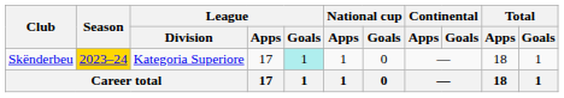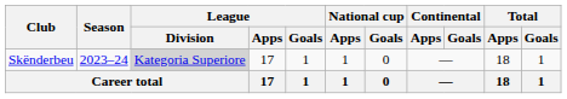 <table class="wikitable" style="text-align: center;">
 <tr>
 <th rowspan="2">Club</th>
 <th rowspan="2">Season</th>
 <th colspan="3">League</th>
 <th colspan="2">National cup</th>
 <th colspan="2">Continental</th>
 <th colspan="2">Total</th>
 </tr>
 <tr>
 <th>Division</th>
 <th>Apps</th>
 <th>Goals</th>
 <th>Apps</th>
 <th>Goals</th>
 <th>Apps</th>
 <th>Goals</th>
 <th>Apps</th>
 <th>Goals</th>
 </tr>
 <tr>
 <td><a href='#'>Skënderbeu</a></td>
-<td style="background: gold;"><a href='#'>2023–24</a></td>
-<td><a href='#'>Kategoria Superiore</a></td>
+<td><a href='#'>2023–24</a></td>
+<td style="background: lightgrey;"><a href='#'>Kategoria Superiore</a></td>
 <td>17</td>
-<td style="background: paleturquoise;">1</td>
+<td>1</td>
 <td>1</td>
 <td>0</td>
 <td colspan="2">—</td>
 <td>18</td>
 <td>1</td>
 </tr>
 <tr>
 <th colspan="3">Career total</th>
 <th>17</th>
 <th>1</th>
 <th>1</th>
 <th>0</th>
 <th colspan="2">—</th>
 <th>18</th>
 <th>1</th>
 </tr>
 </table>
